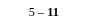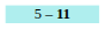 <table style="text-align:center">
 <tr>
 <th width=200></th>
 <th width=100></th>
 <th width=200></th>
 </tr>
 <tr>
 <td align=right></td>
-<td>5 – <strong>11</strong></td>
+<td style="background: paleturquoise;">5 – <strong>11</strong></td>
 <td align=left><strong></strong></td>
 </tr>
 </table>
